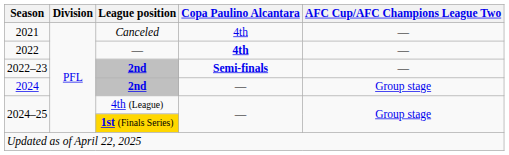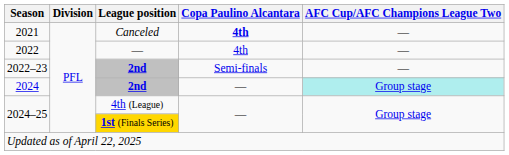 <table class="wikitable" style="text-align:center">
 <tr bgcolor="#efefef">
 <th>Season</th>
 <th>Division</th>
 <th>League position</th>
 <th><a href='#'>Copa Paulino Alcantara</a></th>
 <th><a href='#'>AFC Cup/AFC Champions League Two</a></th>
 </tr>
 <tr>
 <td>2021</td>
 <td rowspan="6"><a href='#'>PFL</a></td>
 <td><em>Canceled</em></td>
-<td><a href='#'>4th</a></td>
+<td><strong><a href='#'>4th</a></strong></td>
 <td>—</td>
 </tr>
 <tr>
 <td>2022</td>
 <td>—</td>
-<td><strong><a href='#'>4th</a></strong></td>
+<td><a href='#'>4th</a></td>
 <td>—</td>
 </tr>
 <tr>
 <td>2022–23</td>
 <td bgcolor=silver><strong><a href='#'>2nd</a></strong></td>
-<td><strong><a href='#'>Semi-finals</a></strong></td>
+<td><a href='#'>Semi-finals</a></td>
 <td>—</td>
 </tr>
 <tr>
 <td><a href='#'>2024</a></td>
 <td bgcolor=silver><strong><a href='#'>2nd</a></strong></td>
 <td>—</td>
-<td><a href='#'>Group stage</a></td>
+<td style="background: paleturquoise;"><a href='#'>Group stage</a></td>
 </tr>
 <tr>
 <td rowspan=2>2024–25</td>
 <td><a href='#'>4th</a> <small>(League)</small></td>
 <td rowspan=2>—</td>
 <td rowspan=2><a href='#'>Group stage</a></td>
 </tr>
 <tr>
 <td bgcolor=gold><strong><a href='#'>1st</a></strong> <small>(Finals Series)</small></td>
 </tr>
 <tr>
 <td colspan="7" align="left"><em>Updated as of April 22, 2025</em></td>
 </tr>
 </table>
